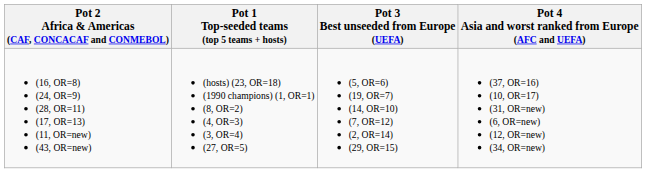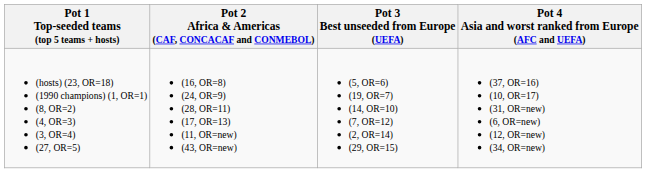 <table class="wikitable">
 <tr>
+<th>Pot 1<br>Top-seeded teams<br><small> (top 5 teams + hosts)</small></th>
 <th>Pot 2<br>Africa & Americas<br><small>(<a href='#'>CAF</a>, <a href='#'>CONCACAF</a> and <a href='#'>CONMEBOL</a>)</small></th>
-<th>Pot 1<br>Top-seeded teams<br><small> (top 5 teams + hosts)</small></th>
 <th>Pot 3<br>Best unseeded from Europe<br> <small> (<a href='#'>UEFA</a>)</small></th>
 <th>Pot 4<br>Asia and worst ranked from Europe<br><small> (<a href='#'>AFC</a> and <a href='#'>UEFA</a>)</small></th>
 </tr>
 <tr>
+<td valign="top"><br><ul><li><small> (hosts) (23, OR=18)</small></li><li><small> (1990 champions) (1, OR=1)</small></li><li><small> (8, OR=2)</small></li><li><small> (4, OR=3)</small></li><li><small> (3, OR=4)</small></li><li><small> (27, OR=5)</small></li></ul></td>
 <td valign="top"><br><ul><li><small> (16, OR=8)</small></li><li><small> (24, OR=9)</small></li><li><small> (28, OR=11)</small></li><li><small> (17, OR=13)</small></li><li><small> (11, OR=new)</small></li><li><small> (43, OR=new)</small></li></ul></td>
-<td valign="top"><br><ul><li><small> (hosts) (23, OR=18)</small></li><li><small> (1990 champions) (1, OR=1)</small></li><li><small> (8, OR=2)</small></li><li><small> (4, OR=3)</small></li><li><small> (3, OR=4)</small></li><li><small> (27, OR=5)</small></li></ul></td>
 <td valign="top"><br><ul><li><small> (5, OR=6)</small></li><li><small> (19, OR=7)</small></li><li><small> (14, OR=10)</small></li><li><small> (7, OR=12)</small></li><li><small> (2, OR=14)</small></li><li><small> (29, OR=15)</small></li></ul></td>
 <td valign="top"><br><ul><li><small> (37, OR=16)</small></li><li><small> (10, OR=17)</small></li><li><small> (31, OR=new)</small></li><li><small> (6, OR=new)</small></li><li><small> (12, OR=new)</small></li><li><small> (34, OR=new)</small></li></ul></td>
 </tr>
 </table>
